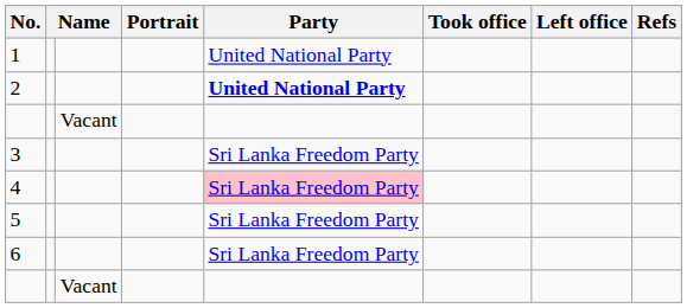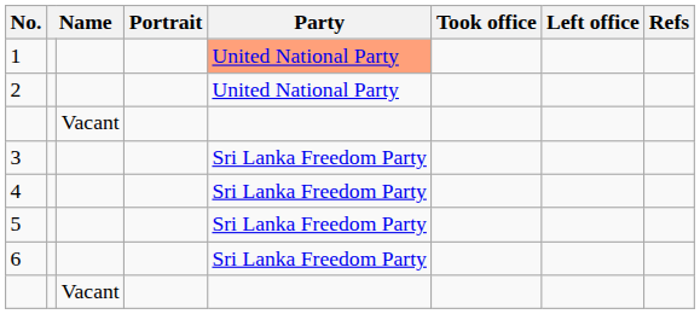 <table class="wikitable plainrowheaders sortable" style="font-size:100%; text-align:left;">
 <tr>
 <th>No.</th>
 <th colspan="2">Name</th>
 <th class=unsortable>Portrait</th>
 <th>Party</th>
 <th>Took office</th>
 <th>Left office</th>
 <th class=unsortable>Refs</th>
 </tr>
 <tr>
 <td>1</td>
 <td !align="center" style="background:"></td>
 <td></td>
 <td></td>
-<td><a href='#'>United National Party</a></td>
+<td style="background: lightsalmon;"><a href='#'>United National Party</a></td>
 <td align=center></td>
 <td align=center></td>
 <td align=center></td>
 </tr>
 <tr>
 <td>2</td>
 <td !align="center" style="background:"></td>
 <td></td>
 <td></td>
-<td><strong><a href='#'>United National Party</a></strong></td>
+<td><a href='#'>United National Party</a></td>
 <td align=center></td>
 <td align=center></td>
 <td align=center></td>
 </tr>
 <tr>
 <td></td>
 <td></td>
 <td>Vacant</td>
 <td></td>
 <td></td>
 <td align=center></td>
 <td align=center></td>
 <td align=center></td>
 </tr>
 <tr>
 <td>3</td>
 <td !align="center" style="background:"></td>
 <td></td>
 <td></td>
 <td><a href='#'>Sri Lanka Freedom Party</a></td>
 <td align=center></td>
 <td align=center></td>
 <td align=center></td>
 </tr>
 <tr>
 <td>4</td>
 <td !align="center" style="background:"></td>
 <td></td>
 <td></td>
-<td style="background: pink;"><a href='#'>Sri Lanka Freedom Party</a></td>
+<td><a href='#'>Sri Lanka Freedom Party</a></td>
 <td align=center></td>
 <td align=center></td>
 <td align=center></td>
 </tr>
 <tr>
 <td>5</td>
 <td !align="center" style="background:"></td>
 <td></td>
 <td></td>
 <td><a href='#'>Sri Lanka Freedom Party</a></td>
 <td align=center></td>
 <td align=center></td>
 <td align=center></td>
 </tr>
 <tr>
 <td>6</td>
 <td !align="center" style="background:"></td>
 <td></td>
 <td></td>
 <td><a href='#'>Sri Lanka Freedom Party</a></td>
 <td align=center></td>
 <td align=center></td>
 <td align=center></td>
 </tr>
 <tr>
 <td></td>
 <td></td>
 <td>Vacant</td>
 <td></td>
 <td></td>
 <td align=center></td>
 <td align=center></td>
 <td align=center></td>
 </tr>
 </table>
